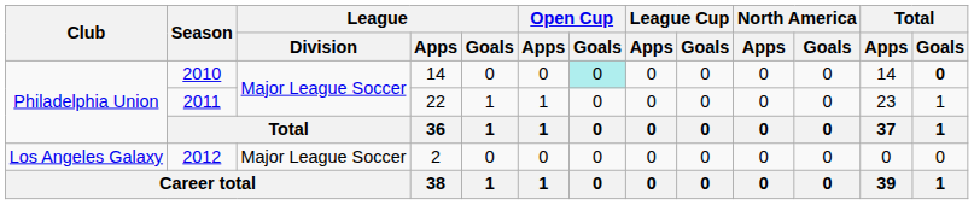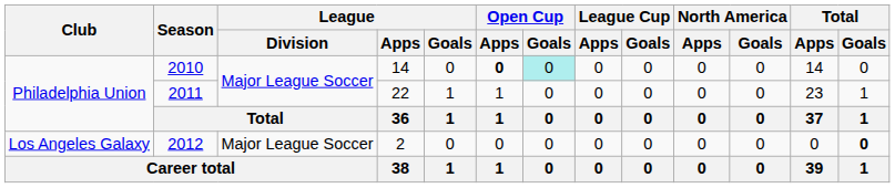 <table class="wikitable" style="text-align:center">
 <tr>
 <th rowspan="2">Club</th>
 <th rowspan="2">Season</th>
 <th colspan="3">League</th>
 <th colspan="2"><a href='#'>Open Cup</a></th>
 <th colspan="2">League Cup</th>
 <th colspan="2">North America</th>
 <th colspan="2">Total</th>
 </tr>
 <tr>
 <th>Division</th>
 <th>Apps</th>
 <th>Goals</th>
 <th>Apps</th>
 <th>Goals</th>
 <th>Apps</th>
 <th>Goals</th>
 <th>Apps</th>
 <th>Goals</th>
 <th>Apps</th>
 <th>Goals</th>
 </tr>
 <tr>
 <td rowspan="3"><a href='#'>Philadelphia Union</a></td>
 <td><a href='#'>2010</a></td>
 <td rowspan="2"><a href='#'>Major League Soccer</a></td>
 <td>14</td>
 <td>0</td>
-<td>0</td>
+<td><strong>0</strong></td>
 <td style="background: paleturquoise;">0</td>
 <td>0</td>
 <td>0</td>
 <td>0</td>
 <td>0</td>
 <td>14</td>
-<td><strong>0</strong></td>
+<td>0</td>
 </tr>
 <tr>
 <td><a href='#'>2011</a></td>
 <td>22</td>
 <td>1</td>
 <td>1</td>
 <td>0</td>
 <td>0</td>
 <td>0</td>
 <td>0</td>
 <td>0</td>
 <td>23</td>
 <td>1</td>
 </tr>
 <tr>
 <th colspan="2">Total</th>
 <th>36</th>
 <th>1</th>
 <th>1</th>
 <th>0</th>
 <th>0</th>
 <th>0</th>
 <th>0</th>
 <th>0</th>
 <th>37</th>
 <th>1</th>
 </tr>
 <tr>
 <td><a href='#'>Los Angeles Galaxy</a></td>
 <td><a href='#'>2012</a></td>
 <td>Major League Soccer</td>
 <td>2</td>
 <td>0</td>
 <td>0</td>
 <td>0</td>
 <td>0</td>
 <td>0</td>
 <td>0</td>
 <td>0</td>
 <td>0</td>
-<td>0</td>
+<td><strong>0</strong></td>
 </tr>
 <tr>
 <th colspan="3">Career total</th>
 <th>38</th>
 <th>1</th>
 <th>1</th>
 <th>0</th>
 <th>0</th>
 <th>0</th>
 <th>0</th>
 <th>0</th>
 <th>39</th>
 <th>1</th>
 </tr>
 </table>
